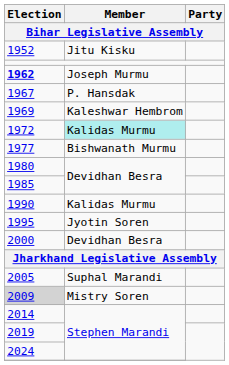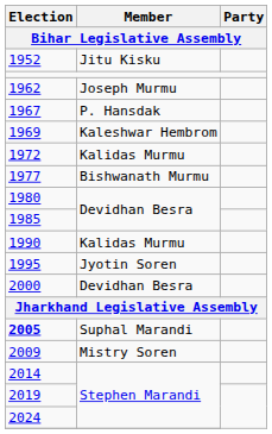 <table class="wikitable sortable">
 <tr>
 <th>Election</th>
 <th>Member</th>
 <th colspan=2>Party</th>
 </tr>
 <tr>
 <th colspan=4><a href='#'>Bihar Legislative Assembly</a></th>
 </tr>
 <tr>
 <td><a href='#'>1952</a></td>
 <td>Jitu Kisku</td>
 <td></td>
 </tr>
 <tr>
 <td colspan="4"></td>
 </tr>
 <tr>
-<td><strong><a href='#'>1962</a></strong></td>
+<td><a href='#'>1962</a></td>
 <td>Joseph Murmu</td>
 <td></td>
 </tr>
 <tr>
 <td><a href='#'>1967</a></td>
 <td>P. Hansdak</td>
 <td></td>
 </tr>
 <tr>
 <td><a href='#'>1969</a></td>
 <td>Kaleshwar Hembrom</td>
 <td></td>
 </tr>
 <tr>
 <td><a href='#'>1972</a></td>
-<td style="background: paleturquoise;">Kalidas Murmu</td>
+<td>Kalidas Murmu</td>
 <td></td>
 </tr>
 <tr>
 <td><a href='#'>1977</a></td>
 <td>Bishwanath Murmu</td>
 <td></td>
 </tr>
 <tr>
 <td><a href='#'>1980</a></td>
 <td rowspan=2>Devidhan Besra</td>
 <td></td>
 </tr>
 <tr>
 <td><a href='#'>1985</a></td>
 </tr>
 <tr>
 <td><a href='#'>1990</a></td>
 <td>Kalidas Murmu</td>
 <td></td>
 </tr>
 <tr>
 <td><a href='#'>1995</a></td>
 <td>Jyotin Soren</td>
 <td></td>
 </tr>
 <tr>
 <td><a href='#'>2000</a></td>
 <td>Devidhan Besra</td>
 <td></td>
 </tr>
 <tr>
 <th colspan=4><a href='#'>Jharkhand Legislative Assembly</a></th>
 </tr>
 <tr>
-<td><a href='#'>2005</a></td>
+<td><strong><a href='#'>2005</a></strong></td>
 <td>Suphal Marandi</td>
 <td></td>
 </tr>
 <tr>
-<td style="background: lightgrey;"><a href='#'>2009</a></td>
+<td><a href='#'>2009</a></td>
 <td>Mistry Soren</td>
 <td></td>
 </tr>
 <tr>
 <td><a href='#'>2014</a></td>
 <td rowspan=3><a href='#'>Stephen Marandi</a></td>
 <td></td>
 </tr>
 <tr>
 <td><a href='#'>2019</a></td>
 </tr>
 <tr>
 <td><a href='#'>2024</a></td>
 </tr>
 <tr>
 </tr>
 </table>
